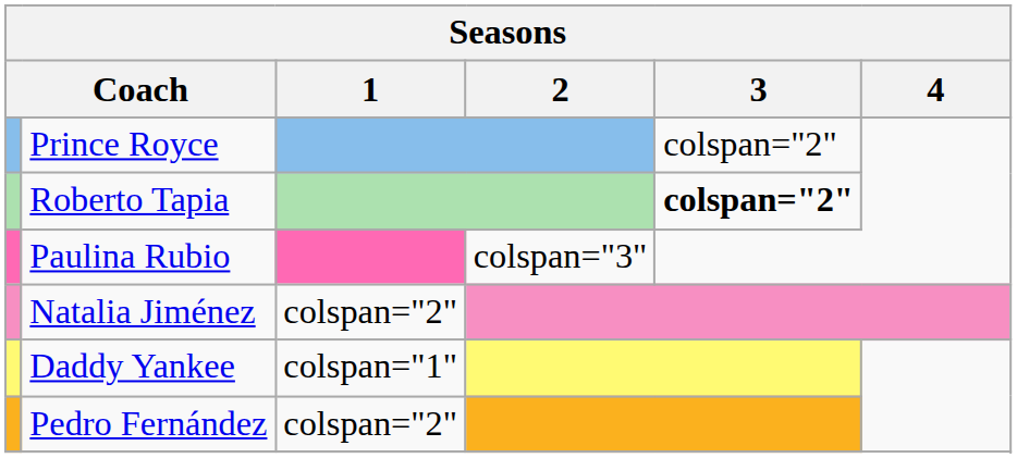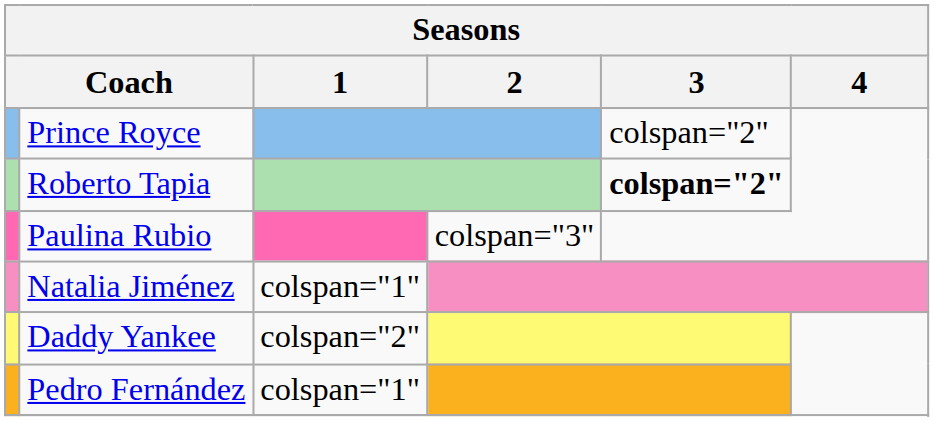 <table class="wikitable">
 <tr>
 <th colspan="7">Seasons</th>
 </tr>
 <tr>
 <th colspan="2">Coach</th>
 <th width="60">1</th>
 <th width="60">2</th>
 <th width="60">3</th>
 <th width="60">4</th>
 </tr>
 <tr>
 <td style="background:#87beeb"></td>
 <td><a href='#'>Prince Royce</a></td>
 <td colspan="2" bgcolor="#87beeb"></td>
 <td>colspan="2" </td>
 </tr>
 <tr>
 <td style="background:#ace1af"></td>
 <td><a href='#'>Roberto Tapia</a></td>
 <td colspan="2" bgcolor="#ace1af"></td>
 <td><strong>colspan="2" </strong></td>
 </tr>
 <tr>
 <td style="background:#FF69B4"></td>
 <td><a href='#'>Paulina Rubio</a></td>
 <td colspan="1" bgcolor="#FF69B4"></td>
 <td>colspan="3" </td>
 </tr>
 <tr>
 <td style="background:#f78fc2"></td>
 <td><a href='#'>Natalia Jiménez</a></td>
-<td>colspan="2" </td>
+<td>colspan="1" </td>
 <td colspan="3" bgcolor="#f78fc2"></td>
 </tr>
 <tr>
 <td style="background:#fffa73"></td>
 <td><a href='#'>Daddy Yankee</a></td>
-<td>colspan="1" </td>
+<td>colspan="2" </td>
 <td colspan="2" bgcolor="#fffa73"></td>
 </tr>
 <tr>
 <td style="background:#fbb11e"></td>
 <td><a href='#'>Pedro Fernández</a></td>
-<td>colspan="2" </td>
+<td>colspan="1" </td>
 <td colspan="2" bgcolor="#fbb11e"></td>
 </tr>
 <tr>
 </tr>
 </table>
